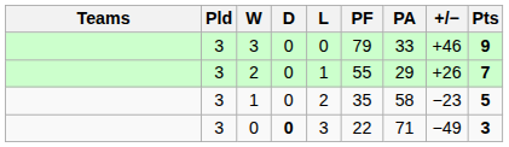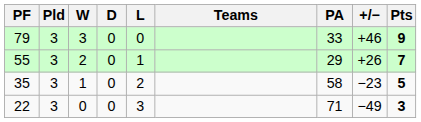 <table class="wikitable" style="text-align: center;">
 <tr>
-<th width="175">Teams</th>
+<th width="32">PF</th>
 <th width="25">Pld</th>
 <th width="25">W</th>
 <th width="25">D</th>
 <th width="25">L</th>
-<th width="32">PF</th>
+<th width="175">Teams</th>
 <th width="32">PA</th>
 <th width="32">+/−</th>
 <th width="25">Pts</th>
 </tr>
 <tr bgcolor=ccffcc>
-<td align=left></td>
+<td>79</td>
 <td>3</td>
 <td>3</td>
 <td>0</td>
 <td>0</td>
-<td>79</td>
+<td align=left></td>
 <td>33</td>
 <td>+46</td>
 <td><strong>9</strong></td>
 </tr>
 <tr bgcolor=ccffcc>
-<td align=left></td>
+<td>55</td>
 <td>3</td>
 <td>2</td>
 <td>0</td>
 <td>1</td>
-<td>55</td>
+<td align=left></td>
 <td>29</td>
 <td>+26</td>
 <td><strong>7</strong></td>
 </tr>
 <tr>
-<td align=left></td>
+<td>35</td>
 <td>3</td>
 <td>1</td>
 <td>0</td>
 <td>2</td>
-<td>35</td>
+<td align=left></td>
 <td>58</td>
 <td>−23</td>
 <td><strong>5</strong></td>
 </tr>
 <tr>
-<td align=left></td>
+<td>22</td>
 <td>3</td>
 <td>0</td>
-<td><strong>0</strong></td>
+<td>0</td>
 <td>3</td>
-<td>22</td>
+<td align=left></td>
 <td>71</td>
 <td>−49</td>
 <td><strong>3</strong></td>
 </tr>
 </table>
